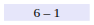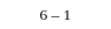 <table style="text-align:center">
 <tr>
 <th width=200></th>
 <th width=100></th>
 <th width=200></th>
 </tr>
 <tr>
 <td align=right></td>
-<td style="background: lavender;">6 – 1</td>
+<td>6 – 1</td>
 <td align=left><strong></strong></td>
 </tr>
 </table>
